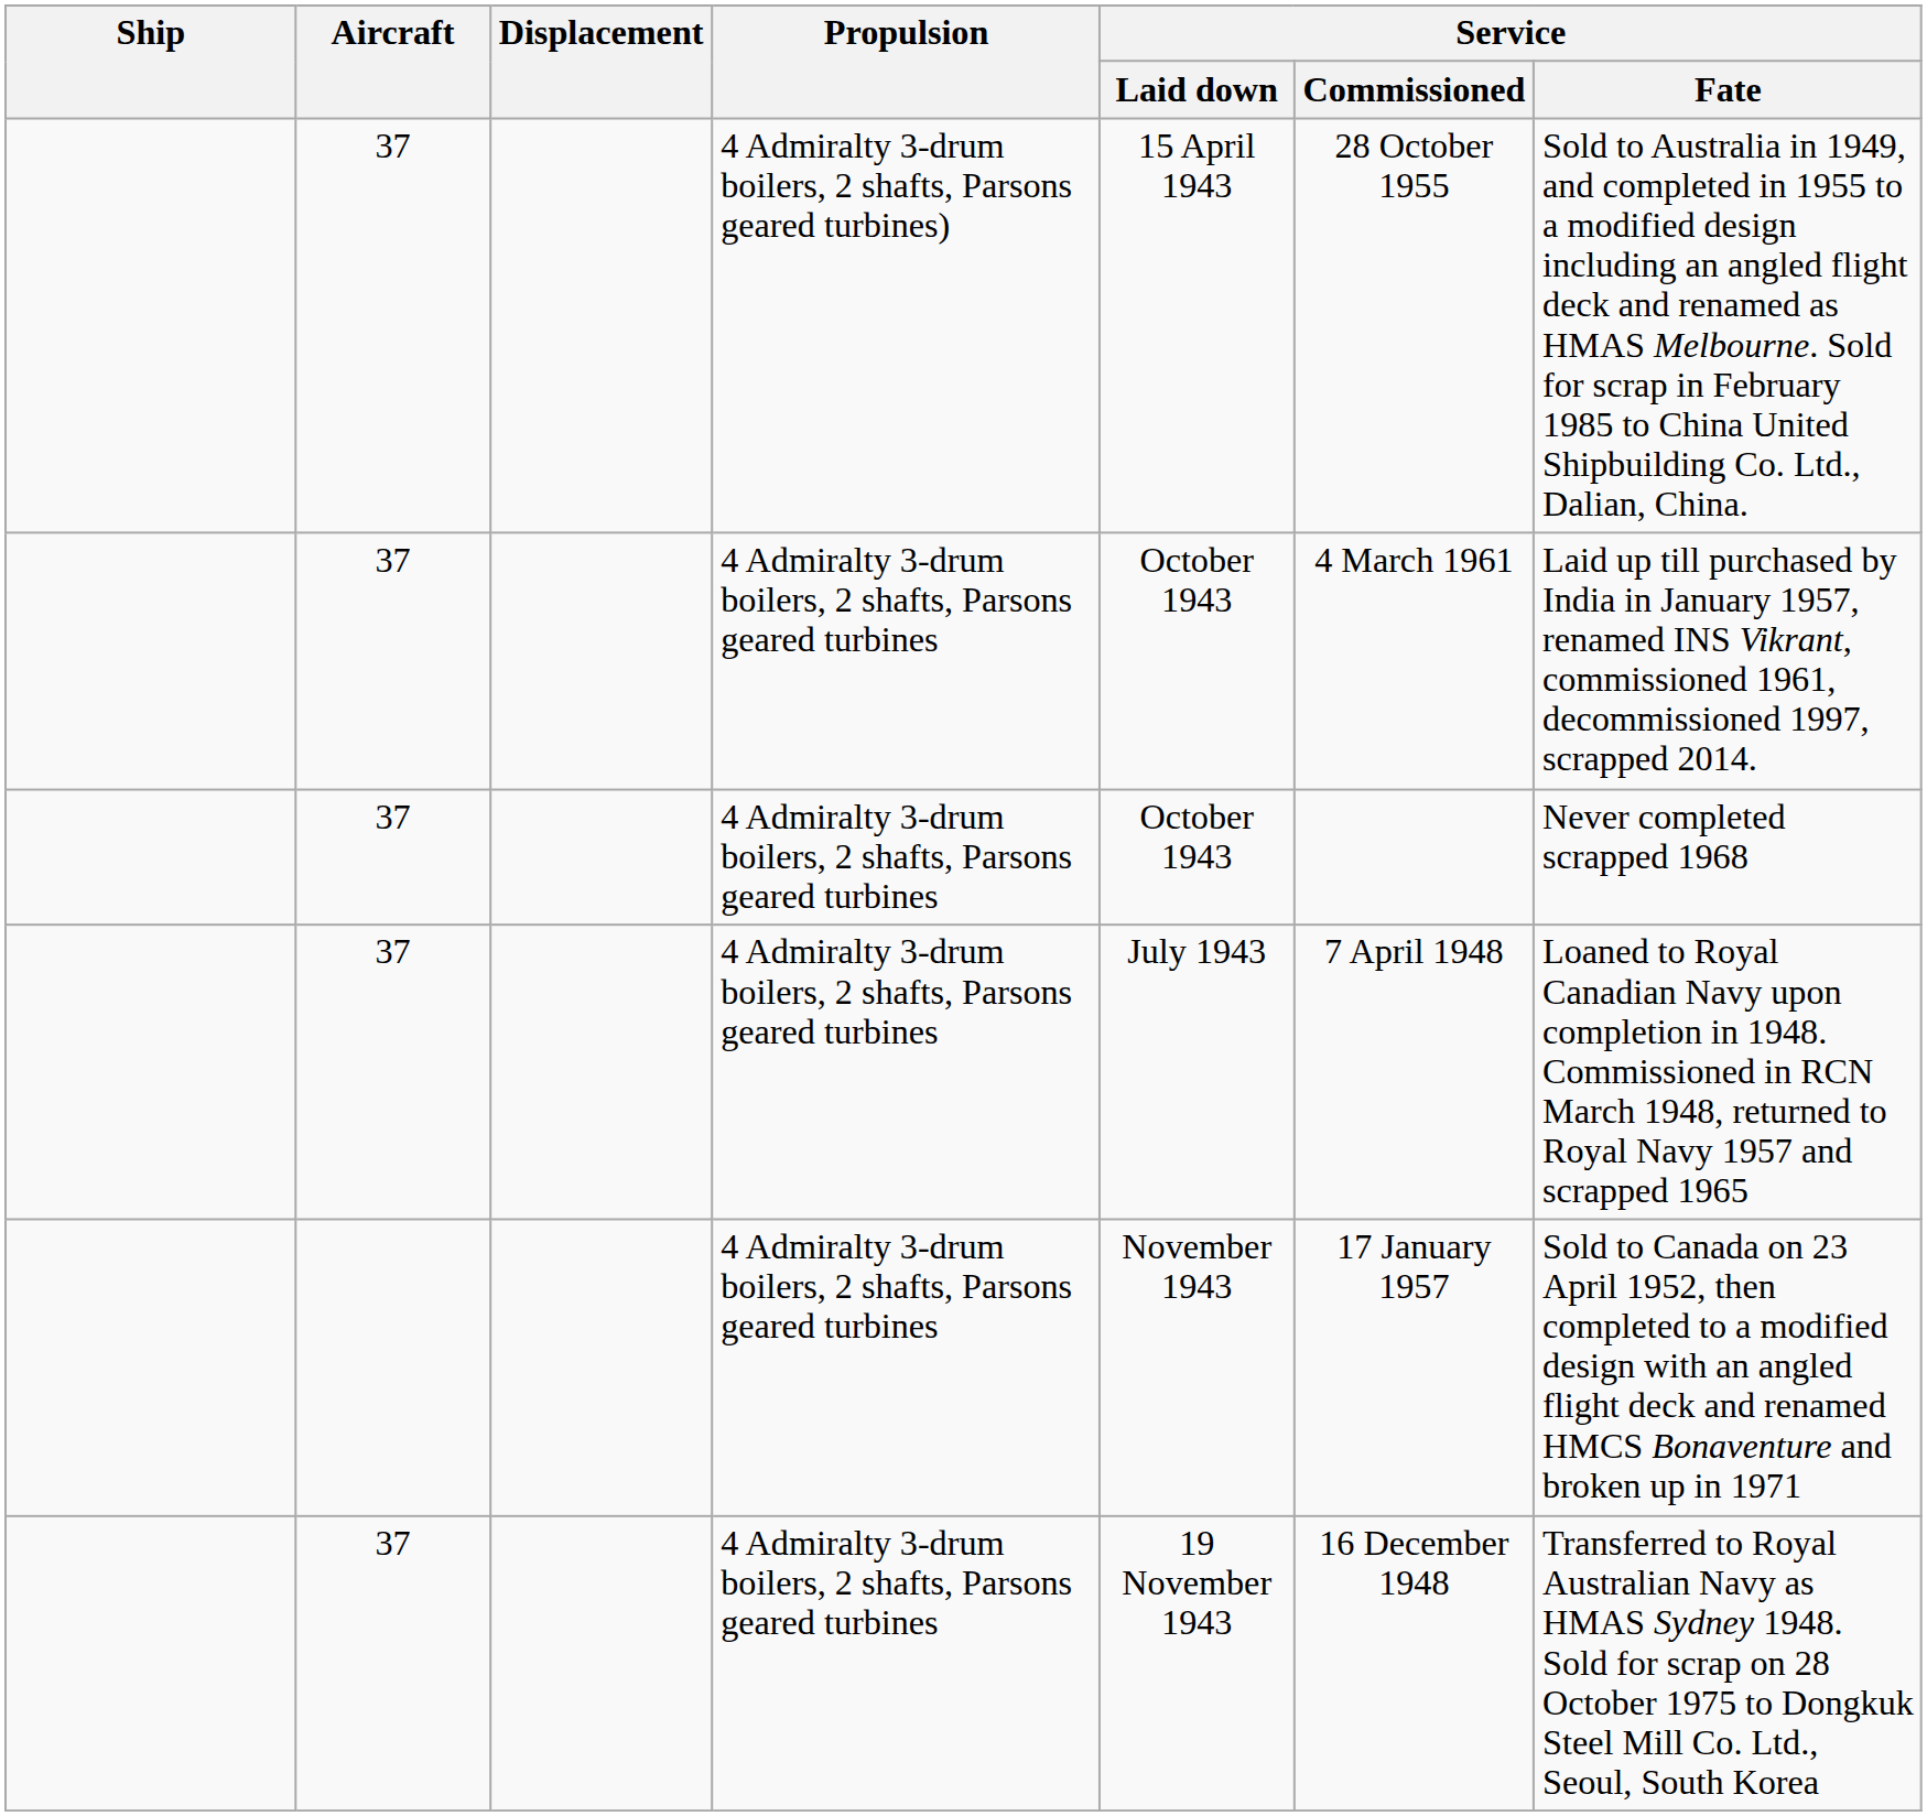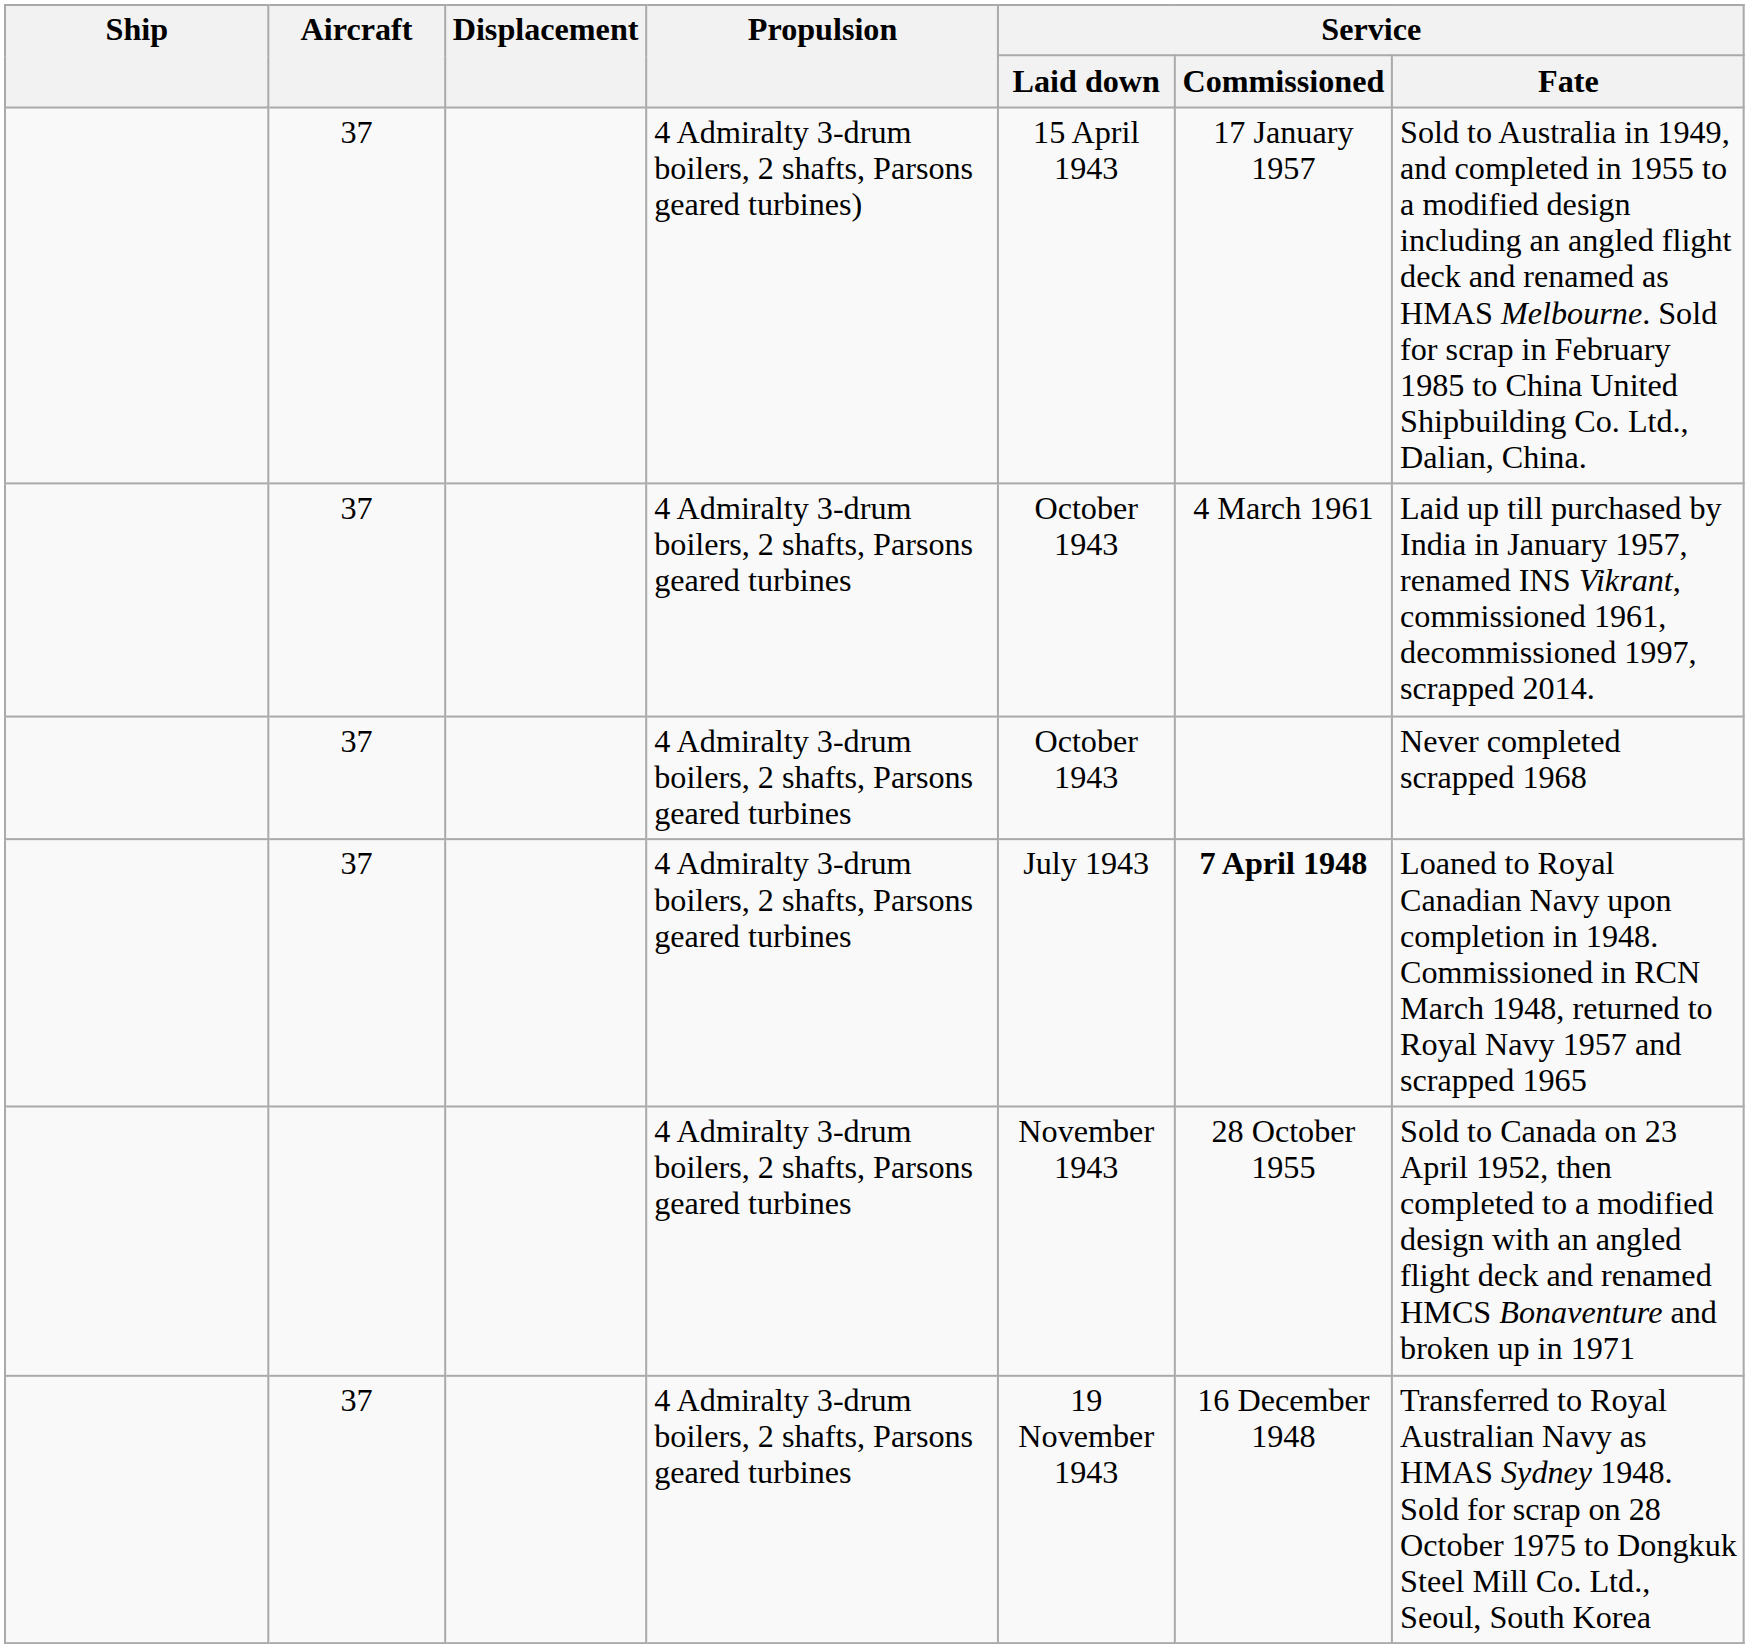 <table class="wikitable" style="width:98%;">
 <tr valign="top"|- valign="top">
 <th style="width:15%; text-align:center;" rowspan="2">Ship</th>
 <th style="width:10%; text-align:center;" rowspan="2">Aircraft</th>
 <th style="width:10%; text-align:center;" rowspan="2">Displacement</th>
 <th style="width:20%; text-align:center;" rowspan="2">Propulsion</th>
 <th style="width:40%; text-align:center;" colspan="3">Service</th>
 </tr>
 <tr valign="top">
 <th style="width:10%; text-align:center;">Laid down</th>
 <th style="width:10%; text-align:center;">Commissioned</th>
 <th style="width:20%; text-align:center;">Fate</th>
 </tr>
 <tr valign="top">
 <td align= left></td>
 <td style="text-align:center;">37</td>
 <td style="text-align:center;"></td>
 <td align= left>4 Admiralty 3-drum boilers, 2 shafts, Parsons geared turbines)</td>
 <td style="text-align:center;">15 April 1943</td>
-<td style="text-align:center;">28 October 1955</td>
+<td style="text-align:center;">17 January 1957</td>
 <td align= left>Sold to Australia in 1949, and completed in 1955 to a modified design including an angled flight deck and renamed as HMAS <em>Melbourne</em>. Sold for scrap in February 1985 to China United Shipbuilding Co. Ltd., Dalian, China.</td>
 </tr>
 <tr valign="top">
 <td align= left></td>
 <td style="text-align:center;">37</td>
 <td style="text-align:center;"></td>
 <td align= left>4 Admiralty 3-drum boilers, 2 shafts, Parsons geared turbines</td>
 <td style="text-align:center;">October 1943</td>
 <td style="text-align:center;">4 March 1961</td>
 <td align= left>Laid up till purchased by India in January 1957, renamed INS <em>Vikrant</em>, commissioned 1961, decommissioned 1997, scrapped 2014.</td>
 </tr>
 <tr valign="top">
 <td align= left></td>
 <td style="text-align:center;">37</td>
 <td style="text-align:center;"></td>
 <td align= left>4 Admiralty 3-drum boilers, 2 shafts, Parsons geared turbines</td>
 <td style="text-align:center;">October 1943</td>
 <td style="text-align:center;"></td>
 <td align= left>Never completed scrapped 1968</td>
 </tr>
 <tr valign="top">
 <td align= left></td>
 <td style="text-align:center;">37</td>
 <td style="text-align:center;"></td>
 <td align= left>4 Admiralty 3-drum boilers, 2 shafts, Parsons geared turbines</td>
 <td style="text-align:center;">July 1943</td>
-<td style="text-align:center;">7 April 1948</td>
+<td style="text-align:center;"><strong>7 April 1948</strong></td>
 <td align= left>Loaned to Royal Canadian Navy upon completion in 1948. Commissioned in RCN March 1948, returned to Royal Navy 1957 and scrapped 1965</td>
 </tr>
 <tr valign="top">
 <td align= left></td>
 <td style="text-align:center;"></td>
 <td style="text-align:center;"></td>
 <td align= left>4 Admiralty 3-drum boilers, 2 shafts, Parsons geared turbines</td>
 <td style="text-align:center;">November 1943</td>
-<td style="text-align:center;">17 January 1957</td>
+<td style="text-align:center;">28 October 1955</td>
 <td align= left>Sold to Canada on 23 April 1952, then completed to a modified design with an angled flight deck and renamed HMCS <em>Bonaventure</em> and broken up in 1971</td>
 </tr>
 <tr valign="top">
 <td align= left></td>
 <td style="text-align:center;">37</td>
 <td style="text-align:center;"></td>
 <td align= left>4 Admiralty 3-drum boilers, 2 shafts, Parsons geared turbines</td>
 <td style="text-align:center;">19 November 1943</td>
 <td style="text-align:center;">16 December 1948</td>
 <td align= left>Transferred to Royal Australian Navy as HMAS <em>Sydney</em> 1948. Sold for scrap on 28 October 1975 to Dongkuk Steel Mill Co. Ltd., Seoul, South Korea</td>
 </tr>
 </table>
